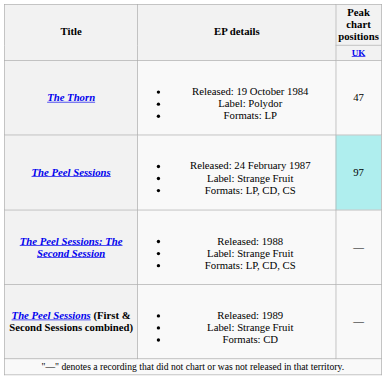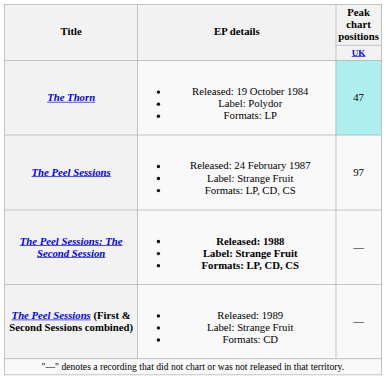 <table class="wikitable plainrowheaders" style="text-align:center;">
 <tr>
 <th scope="col" rowspan="2" style="width:12em;">Title</th>
 <th scope="col" rowspan="2" style="width:18em;">EP details</th>
 <th scope="col">Peak chart positions</th>
 </tr>
 <tr>
 <th scope="col" style="width:2.5em;font-size:85%;"><a href='#'>UK</a><br></th>
 </tr>
 <tr>
 <th scope="row"><em><a href='#'>The Thorn</a></em></th>
 <td><br><ul><li>Released: 19 October 1984</li><li>Label: Polydor</li><li>Formats: LP</li></ul></td>
-<td>47</td>
+<td style="background: paleturquoise;">47</td>
 </tr>
 <tr>
 <th scope="row"><em><a href='#'>The Peel Sessions</a></em></th>
 <td><br><ul><li>Released: 24 February 1987</li><li>Label: Strange Fruit</li><li>Formats: LP, CD, CS</li></ul></td>
-<td style="background: paleturquoise;">97</td>
+<td>97</td>
 </tr>
 <tr>
 <th scope="row"><em><a href='#'>The Peel Sessions: The Second Session</a></em></th>
-<td><br><ul><li>Released: 1988</li><li>Label: Strange Fruit</li><li>Formats: LP, CD, CS</li></ul></td>
+<td><strong><br><ul><li>Released: 1988</li><li>Label: Strange Fruit</li><li>Formats: LP, CD, CS</li></ul></strong></td>
 <td>—</td>
 </tr>
 <tr>
 <th scope="row"><em><a href='#'>The Peel Sessions</a></em> (First & Second Sessions combined)</th>
 <td><br><ul><li>Released: 1989</li><li>Label: Strange Fruit</li><li>Formats: CD</li></ul></td>
 <td>—</td>
 </tr>
 <tr>
 <td colspan="4" style="font-size:90%">"—" denotes a recording that did not chart or was not released in that territory.</td>
 </tr>
 </table>
